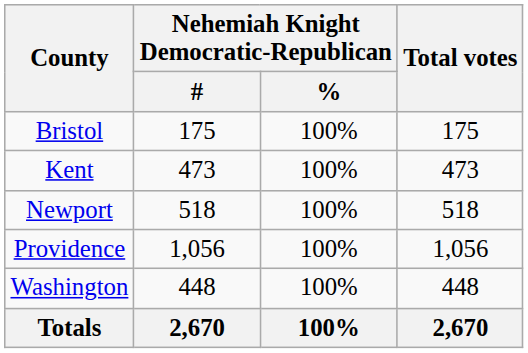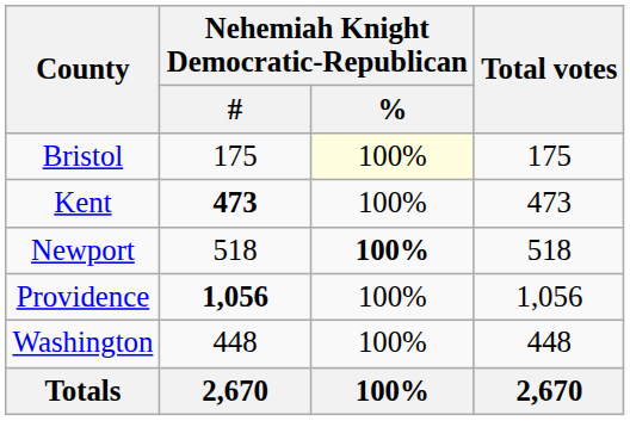 <table class="wikitable sortable">
 <tr>
 <th rowspan="2" scope="col">County</th>
 <th colspan="2" scope="col">Nehemiah Knight<br>Democratic-Republican</th>
 <th rowspan="2" scope="col">Total votes</th>
 </tr>
 <tr>
 <th>#</th>
 <th>%</th>
 </tr>
 <tr>
 <td align="center"><a href='#'>Bristol</a></td>
 <td align="center">175</td>
-<td align="center">100%</td>
+<td align="center" style="background: lightyellow;">100%</td>
 <td align="center">175</td>
 </tr>
 <tr>
 <td align="center"><a href='#'>Kent</a></td>
-<td align="center">473</td>
+<td align="center"><strong>473</strong></td>
 <td align="center">100%</td>
 <td align="center">473</td>
 </tr>
 <tr>
 <td align="center"><a href='#'>Newport</a></td>
 <td align="center">518</td>
-<td align="center">100%</td>
+<td align="center"><strong>100%</strong></td>
 <td align="center">518</td>
 </tr>
 <tr>
 <td align="center"><a href='#'>Providence</a></td>
-<td align="center">1,056</td>
+<td align="center"><strong>1,056</strong></td>
 <td align="center">100%</td>
 <td align="center">1,056</td>
 </tr>
 <tr>
 <td align="center"><a href='#'>Washington</a></td>
 <td align="center">448</td>
 <td align="center">100%</td>
 <td align="center">448</td>
 </tr>
 <tr>
 <th>Totals</th>
 <th>2,670</th>
 <th>100%</th>
 <th>2,670</th>
 </tr>
 </table>
